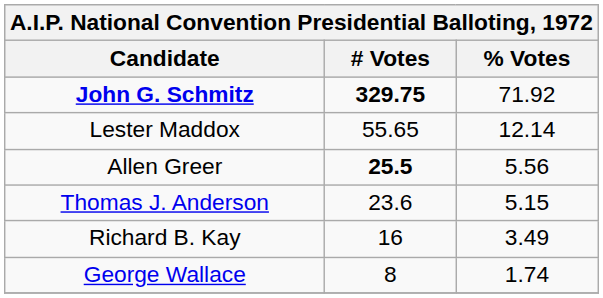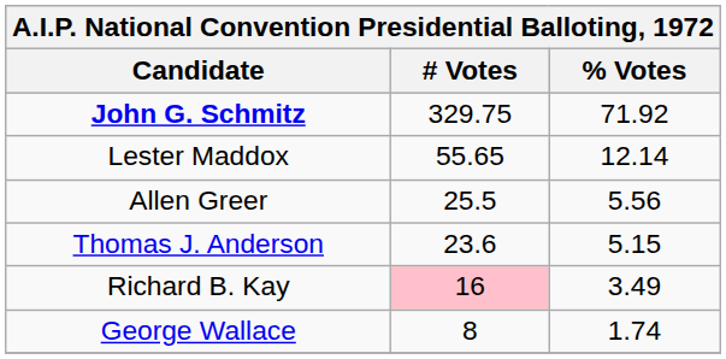 <table class=wikitable style="text-align:center;">
 <tr bgcolor=lightgrey>
 <th colspan="4">A.I.P. National Convention Presidential Balloting, 1972 </th>
 </tr>
 <tr bgcolor=lightgrey>
 <th>Candidate</th>
 <th># Votes</th>
 <th>% Votes</th>
 </tr>
 <tr>
 <td><strong><a href='#'>John G. Schmitz</a></strong></td>
-<td><strong>329.75</strong></td>
+<td>329.75</td>
 <td>71.92</td>
 </tr>
 <tr>
 <td>Lester Maddox</td>
 <td>55.65</td>
 <td>12.14</td>
 </tr>
 <tr>
 <td>Allen Greer</td>
-<td><strong>25.5</strong></td>
+<td>25.5</td>
 <td>5.56</td>
 </tr>
 <tr>
 <td><a href='#'>Thomas J. Anderson</a></td>
 <td>23.6</td>
 <td>5.15</td>
 </tr>
 <tr>
 <td>Richard B. Kay</td>
-<td>16</td>
+<td style="background: pink;">16</td>
 <td>3.49</td>
 </tr>
 <tr>
 <td><a href='#'>George Wallace</a></td>
 <td>8</td>
 <td>1.74</td>
 </tr>
 <tr>
 </tr>
 </table>
